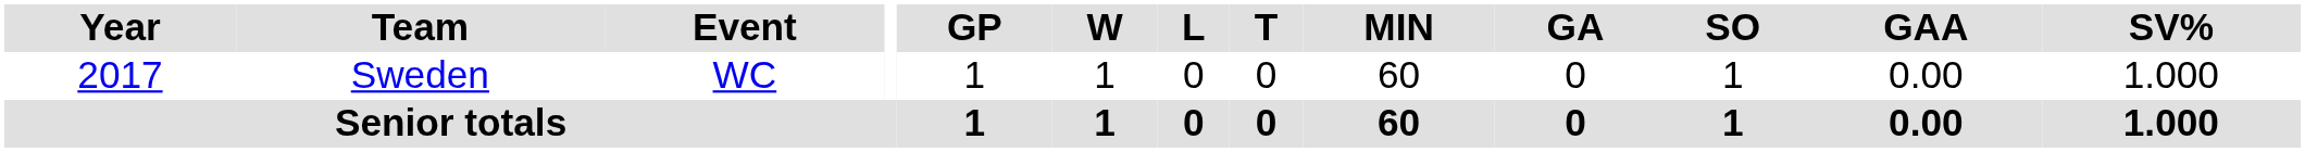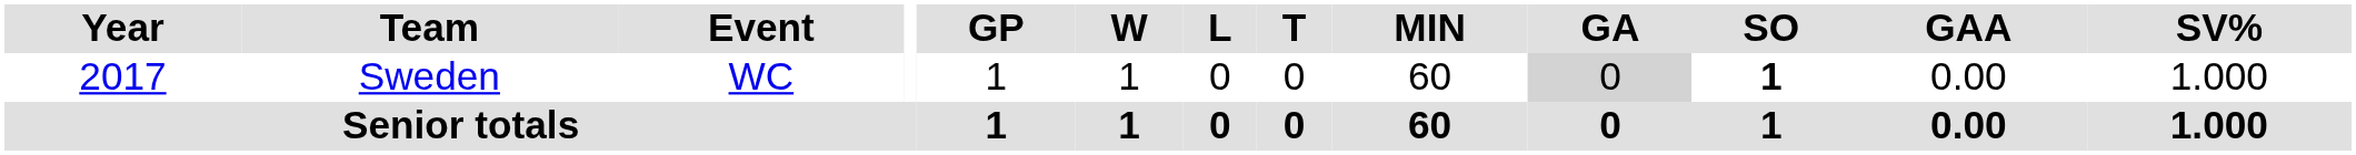 <table border="0" cellpadding="1" cellspacing="0" ID="Table3" style="text-align:center; width:60em">
 <tr ALIGN="center" bgcolor="#e0e0e0">
 <th>Year</th>
 <th>Team</th>
 <th>Event</th>
 <th rowspan="99" bgcolor="#ffffff"></th>
 <th>GP</th>
 <th>W</th>
 <th>L</th>
 <th>T</th>
 <th>MIN</th>
 <th>GA</th>
 <th>SO</th>
 <th>GAA</th>
 <th>SV%</th>
 </tr>
 <tr>
 <td><a href='#'>2017</a></td>
 <td><a href='#'>Sweden</a></td>
 <td><a href='#'>WC</a></td>
 <td>1</td>
 <td>1</td>
 <td>0</td>
 <td>0</td>
 <td>60</td>
-<td>0</td>
-<td>1</td>
+<td style="background: lightgrey;">0</td>
+<td><strong>1</strong></td>
 <td>0.00</td>
 <td>1.000</td>
 </tr>
 <tr bgcolor="#e0e0e0">
 <th colspan=4>Senior totals</th>
 <th>1</th>
 <th>1</th>
 <th>0</th>
 <th>0</th>
 <th>60</th>
 <th>0</th>
 <th>1</th>
 <th>0.00</th>
 <th>1.000</th>
 </tr>
 </table>
